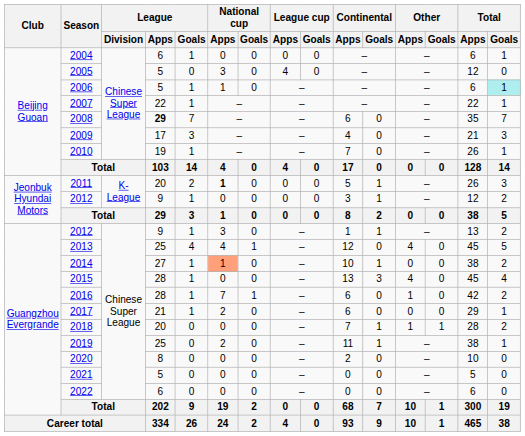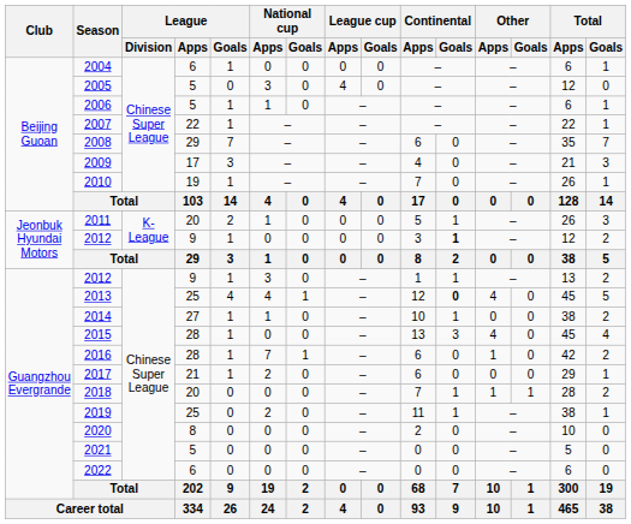 <table class="wikitable" style="text-align: center">
 <tr>
 <th rowspan="2">Club</th>
 <th rowspan="2">Season</th>
 <th colspan="3">League</th>
 <th colspan="2">National cup</th>
 <th colspan="2">League cup</th>
 <th colspan="2">Continental</th>
 <th colspan="2">Other</th>
 <th colspan="2">Total</th>
 </tr>
 <tr>
 <th>Division</th>
 <th>Apps</th>
 <th>Goals</th>
 <th>Apps</th>
 <th>Goals</th>
 <th>Apps</th>
 <th>Goals</th>
 <th>Apps</th>
 <th>Goals</th>
 <th>Apps</th>
 <th>Goals</th>
 <th>Apps</th>
 <th>Goals</th>
 </tr>
 <tr>
 <td rowspan="8"><a href='#'>Beijing Guoan</a></td>
 <td><a href='#'>2004</a></td>
 <td rowspan="7"><a href='#'>Chinese Super League</a></td>
 <td>6</td>
 <td>1</td>
 <td>0</td>
 <td>0</td>
 <td>0</td>
 <td>0</td>
 <td colspan="2">–</td>
 <td colspan="2">–</td>
 <td>6</td>
 <td>1</td>
 </tr>
 <tr>
 <td><a href='#'>2005</a></td>
 <td>5</td>
 <td>0</td>
 <td>3</td>
 <td>0</td>
 <td>4</td>
 <td>0</td>
 <td colspan="2">–</td>
 <td colspan="2">–</td>
 <td>12</td>
 <td>0</td>
 </tr>
 <tr>
 <td><a href='#'>2006</a></td>
 <td>5</td>
 <td>1</td>
 <td>1</td>
 <td>0</td>
 <td colspan="2">–</td>
 <td colspan="2">–</td>
 <td colspan="2">–</td>
 <td>6</td>
-<td style="background: paleturquoise;">1</td>
+<td>1</td>
 </tr>
 <tr>
 <td><a href='#'>2007</a></td>
 <td>22</td>
 <td>1</td>
 <td colspan="2">–</td>
 <td colspan="2">–</td>
 <td colspan="2">–</td>
 <td colspan="2">–</td>
 <td>22</td>
 <td>1</td>
 </tr>
 <tr>
 <td><a href='#'>2008</a></td>
-<td><strong>29</strong></td>
+<td>29</td>
 <td>7</td>
 <td colspan="2">–</td>
 <td colspan="2">–</td>
 <td>6</td>
 <td>0</td>
 <td colspan="2">–</td>
 <td>35</td>
 <td>7</td>
 </tr>
 <tr>
 <td><a href='#'>2009</a></td>
 <td>17</td>
 <td>3</td>
 <td colspan="2">–</td>
 <td colspan="2">–</td>
 <td>4</td>
 <td>0</td>
 <td colspan="2">–</td>
 <td>21</td>
 <td>3</td>
 </tr>
 <tr>
 <td><a href='#'>2010</a></td>
 <td>19</td>
 <td>1</td>
 <td colspan="2">–</td>
 <td colspan="2">–</td>
 <td>7</td>
 <td>0</td>
 <td colspan="2">–</td>
 <td>26</td>
 <td>1</td>
 </tr>
 <tr>
 <th colspan="2">Total</th>
 <th>103</th>
 <th>14</th>
 <th>4</th>
 <th>0</th>
 <th>4</th>
 <th>0</th>
 <th>17</th>
 <th>0</th>
 <th>0</th>
 <th>0</th>
 <th>128</th>
 <th>14</th>
 </tr>
 <tr>
 <td rowspan="3"><a href='#'>Jeonbuk Hyundai Motors</a></td>
 <td><a href='#'>2011</a></td>
 <td rowspan="2"><a href='#'>K-League</a></td>
 <td>20</td>
 <td>2</td>
-<td><strong>1</strong></td>
+<td>1</td>
 <td>0</td>
 <td>0</td>
 <td>0</td>
 <td>5</td>
 <td>1</td>
 <td colspan="2">–</td>
 <td>26</td>
 <td>3</td>
 </tr>
 <tr>
 <td><a href='#'>2012</a></td>
 <td>9</td>
 <td>1</td>
 <td>0</td>
 <td>0</td>
 <td>0</td>
 <td>0</td>
 <td>3</td>
-<td>1</td>
+<td><strong>1</strong></td>
 <td colspan="2">–</td>
 <td>12</td>
 <td>2</td>
 </tr>
 <tr>
 <th colspan="2">Total</th>
 <th>29</th>
 <th>3</th>
 <th>1</th>
 <th>0</th>
 <th>0</th>
 <th>0</th>
 <th>8</th>
 <th>2</th>
 <th>0</th>
 <th>0</th>
 <th>38</th>
 <th>5</th>
 </tr>
 <tr>
 <td rowspan="12"><a href='#'>Guangzhou Evergrande</a></td>
 <td><a href='#'>2012</a></td>
 <td rowspan="11">Chinese Super League</td>
 <td>9</td>
 <td>1</td>
 <td>3</td>
 <td>0</td>
 <td colspan="2">–</td>
 <td>1</td>
 <td>1</td>
 <td colspan="2">–</td>
 <td>13</td>
 <td>2</td>
 </tr>
 <tr>
 <td><a href='#'>2013</a></td>
 <td>25</td>
 <td>4</td>
 <td>4</td>
 <td>1</td>
 <td colspan="2">–</td>
 <td>12</td>
-<td>0</td>
+<td><strong>0</strong></td>
 <td>4</td>
 <td>0</td>
 <td>45</td>
 <td>5</td>
 </tr>
 <tr>
 <td><a href='#'>2014</a></td>
 <td>27</td>
 <td>1</td>
-<td style="background: lightsalmon;">1</td>
+<td>1</td>
 <td>0</td>
 <td colspan="2">–</td>
 <td>10</td>
 <td>1</td>
 <td>0</td>
 <td>0</td>
 <td>38</td>
 <td>2</td>
 </tr>
 <tr>
 <td><a href='#'>2015</a></td>
 <td>28</td>
 <td>1</td>
 <td>0</td>
 <td>0</td>
 <td colspan="2">–</td>
 <td>13</td>
 <td>3</td>
 <td>4</td>
 <td>0</td>
 <td>45</td>
 <td>4</td>
 </tr>
 <tr>
 <td><a href='#'>2016</a></td>
 <td>28</td>
 <td>1</td>
 <td>7</td>
 <td>1</td>
 <td colspan="2">–</td>
 <td>6</td>
 <td>0</td>
 <td>1</td>
 <td>0</td>
 <td>42</td>
 <td>2</td>
 </tr>
 <tr>
 <td><a href='#'>2017</a></td>
 <td>21</td>
 <td>1</td>
 <td>2</td>
 <td>0</td>
 <td colspan="2">–</td>
 <td>6</td>
 <td>0</td>
 <td>0</td>
 <td>0</td>
 <td>29</td>
 <td>1</td>
 </tr>
 <tr>
 <td><a href='#'>2018</a></td>
 <td>20</td>
 <td>0</td>
 <td>0</td>
 <td>0</td>
 <td colspan="2">–</td>
 <td>7</td>
 <td>1</td>
 <td>1</td>
 <td>1</td>
 <td>28</td>
 <td>2</td>
 </tr>
 <tr>
 <td><a href='#'>2019</a></td>
 <td>25</td>
 <td>0</td>
 <td>2</td>
 <td>0</td>
 <td colspan="2">–</td>
 <td>11</td>
 <td>1</td>
 <td colspan="2">–</td>
 <td>38</td>
 <td>1</td>
 </tr>
 <tr>
 <td><a href='#'>2020</a></td>
 <td>8</td>
 <td>0</td>
 <td>0</td>
 <td>0</td>
 <td colspan="2">–</td>
 <td>2</td>
 <td>0</td>
 <td colspan="2">–</td>
 <td>10</td>
 <td>0</td>
 </tr>
 <tr>
 <td><a href='#'>2021</a></td>
 <td>5</td>
 <td>0</td>
 <td>0</td>
 <td>0</td>
 <td colspan="2">–</td>
 <td>0</td>
 <td>0</td>
 <td colspan="2">–</td>
 <td>5</td>
 <td>0</td>
 </tr>
 <tr>
 <td><a href='#'>2022</a></td>
 <td>6</td>
 <td>0</td>
 <td>0</td>
 <td>0</td>
 <td colspan="2">–</td>
 <td>0</td>
 <td>0</td>
 <td colspan="2">–</td>
 <td>6</td>
 <td>0</td>
 </tr>
 <tr>
 <th colspan="2">Total</th>
 <th>202</th>
 <th>9</th>
 <th>19</th>
 <th>2</th>
 <th>0</th>
 <th>0</th>
 <th>68</th>
 <th>7</th>
 <th>10</th>
 <th>1</th>
 <th>300</th>
 <th>19</th>
 </tr>
 <tr>
 <th colspan="3">Career total</th>
 <th>334</th>
 <th>26</th>
 <th>24</th>
 <th>2</th>
 <th>4</th>
 <th>0</th>
 <th>93</th>
 <th>9</th>
 <th>10</th>
 <th>1</th>
 <th>465</th>
 <th>38</th>
 </tr>
 </table>
